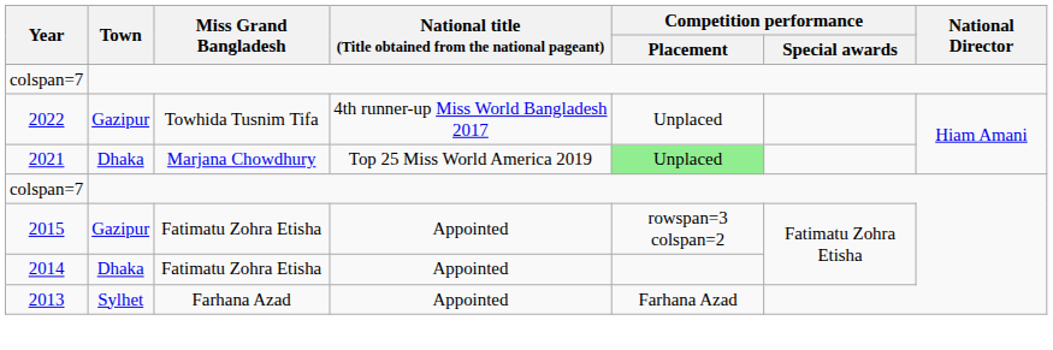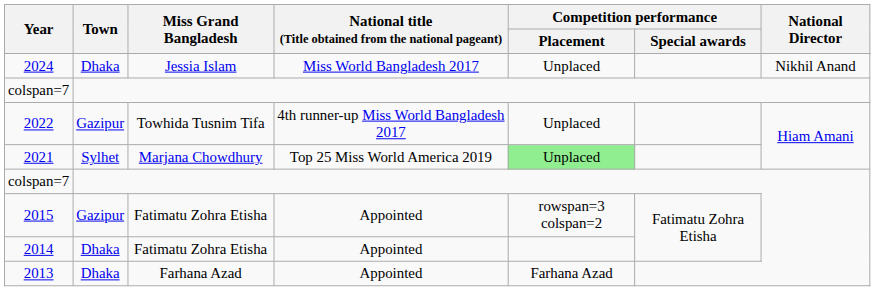 <table class="wikitable" style="font-size: 95%; text-align:center; width:100%">
 <tr>
 <th rowspan=2>Year</th>
 <th rowspan=2>Town</th>
 <th rowspan=2>Miss Grand Bangladesh</th>
 <th rowspan=2>National title<br><small>(Title obtained from the national pageant)</small></th>
 <th colspan=2>Competition performance</th>
 <th rowspan=2>National Director</th>
 </tr>
 <tr>
 <th>Placement</th>
 <th>Special awards</th>
 </tr>
 <tr>
 </tr>
 <tr>
+<td><a href='#'>2024</a></td>
+<td><a href='#'>Dhaka</a></td>
+<td><a href='#'>Jessia Islam</a></td>
+<td><a href='#'>Miss World Bangladesh 2017</a></td>
+<td>Unplaced</td>
+<td></td>
+<td>Nikhil Anand</td>
+</tr>
+<tr>
 <td>colspan=7</td>
 </tr>
 <tr>
 <td><a href='#'>2022</a></td>
 <td><a href='#'>Gazipur</a></td>
 <td>Towhida Tusnim Tifa</td>
 <td>4th runner-up <a href='#'>Miss World Bangladesh 2017</a></td>
 <td>Unplaced</td>
 <td></td>
 <td rowspan=2><a href='#'>Hiam Amani</a></td>
 </tr>
 <tr>
 <td><a href='#'>2021</a></td>
-<td><a href='#'>Dhaka</a></td>
+<td><a href='#'>Sylhet</a></td>
 <td><a href='#'>Marjana Chowdhury</a></td>
 <td>Top 25 Miss World America 2019</td>
 <td style="background: lightgreen;">Unplaced</td>
 <td></td>
 </tr>
 <tr>
 <td>colspan=7</td>
 </tr>
 <tr>
 <td><a href='#'>2015</a></td>
 <td><a href='#'>Gazipur</a></td>
 <td>Fatimatu Zohra Etisha</td>
 <td>Appointed</td>
 <td>rowspan=3 colspan=2 </td>
 <td rowspan=2>Fatimatu Zohra Etisha</td>
 </tr>
 <tr>
 <td><a href='#'>2014</a></td>
 <td><a href='#'>Dhaka</a></td>
 <td>Fatimatu Zohra Etisha</td>
 <td>Appointed</td>
 </tr>
 <tr>
 <td><a href='#'>2013</a></td>
-<td><a href='#'>Sylhet</a></td>
+<td><a href='#'>Dhaka</a></td>
 <td>Farhana Azad</td>
 <td>Appointed</td>
 <td>Farhana Azad</td>
 </tr>
 </table>
